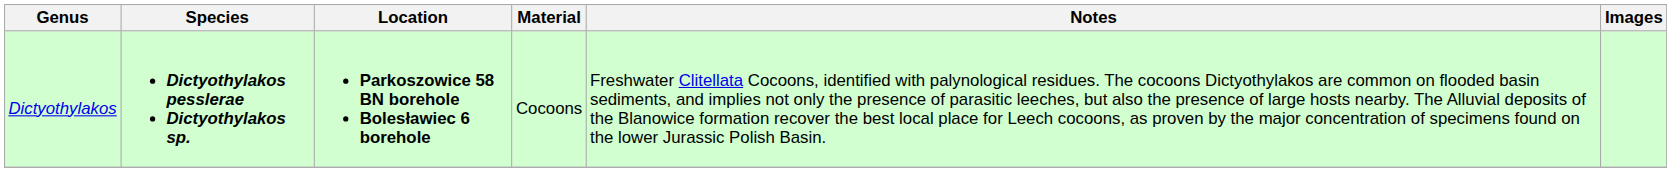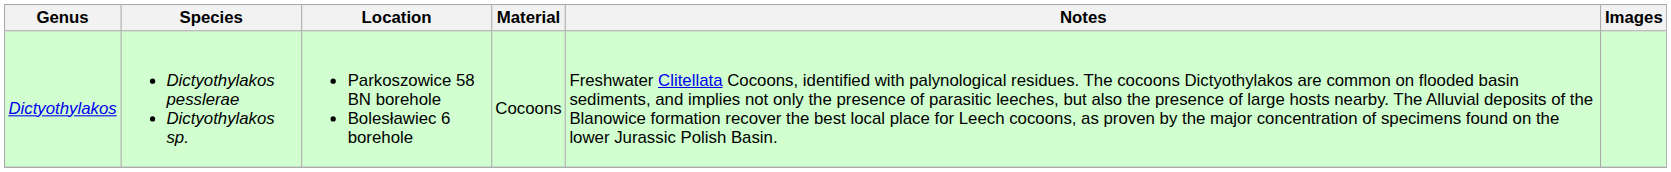 <table class ="wikitable" align="center" width="100%">
 <tr>
 <th>Genus</th>
 <th>Species</th>
 <th>Location</th>
 <th>Material</th>
 <th>Notes</th>
 <th>Images</th>
 </tr>
 <tr>
 <td style="background:#D1FFCF;"><br><em><a href='#'>Dictyothylakos</a></em></td>
-<td style="background:#D1FFCF;"><strong><br><ul><li><em>Dictyothylakos pesslerae</em></li><li><em>Dictyothylakos sp.</em></li></ul></strong></td>
-<td style="background:#D1FFCF;"><strong><br><ul><li>Parkoszowice 58 BN borehole</li><li>Bolesławiec 6 borehole</li></ul></strong></td>
+<td style="background:#D1FFCF;"><br><ul><li><em>Dictyothylakos pesslerae</em></li><li><em>Dictyothylakos sp.</em></li></ul></td>
+<td style="background:#D1FFCF;"><br><ul><li>Parkoszowice 58 BN borehole</li><li>Bolesławiec 6 borehole</li></ul></td>
 <td style="background:#D1FFCF;"><br>Cocoons</td>
 <td style="background:#D1FFCF;"><br>Freshwater <a href='#'>Clitellata</a> Cocoons, identified with palynological residues. The cocoons Dictyothylakos are common on flooded basin sediments, and implies not only the presence of parasitic leeches, but also the presence of large hosts nearby. The Alluvial deposits of the Blanowice formation recover the best local place for Leech cocoons, as proven by the major concentration of specimens found on the lower Jurassic Polish Basin.</td>
 <td style="background:#D1FFCF;"><br></td>
 </tr>
 <tr>
 </tr>
 </table>
